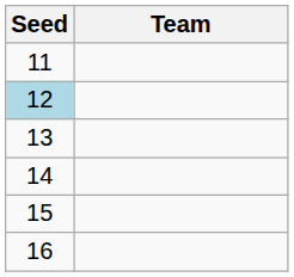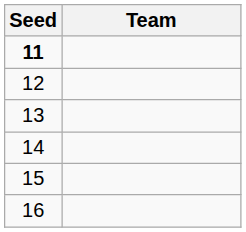 <table class="wikitable" style="text-align:center;">
 <tr>
 <th style="width:1.8em;">Seed</th>
 <th style="width:8.5em;">Team</th>
 </tr>
 <tr>
-<td>11</td>
+<td><strong>11</strong></td>
 <td align=left> </td>
 </tr>
 <tr>
-<td style="background: lightblue;">12</td>
+<td>12</td>
 <td align=left> </td>
 </tr>
 <tr>
 <td>13</td>
 <td align=left> </td>
 </tr>
 <tr>
 <td>14</td>
 <td align=left></td>
 </tr>
 <tr>
 <td>15</td>
 <td align=left></td>
 </tr>
 <tr>
 <td>16</td>
 <td align=left></td>
 </tr>
 </table>
